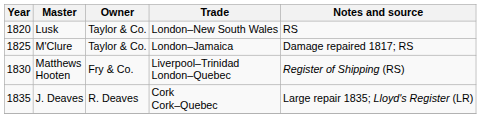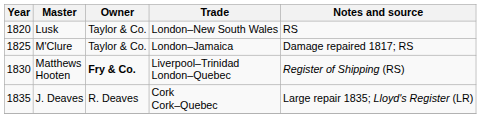 <table class="sortable wikitable">
 <tr>
 <th>Year</th>
 <th>Master</th>
 <th>Owner</th>
 <th>Trade</th>
 <th>Notes and source</th>
 </tr>
 <tr>
 <td>1820</td>
 <td>Lusk</td>
 <td>Taylor & Co.</td>
 <td>London–New South Wales</td>
 <td>RS</td>
 </tr>
 <tr>
 <td>1825</td>
 <td>M'Clure</td>
 <td>Taylor & Co.</td>
 <td>London–Jamaica</td>
 <td>Damage repaired 1817; RS</td>
 </tr>
 <tr>
 <td>1830</td>
 <td>Matthews<br>Hooten</td>
-<td>Fry & Co.</td>
+<td><strong>Fry & Co.</strong></td>
 <td>Liverpool–Trinidad<br>London–Quebec</td>
 <td><em>Register of Shipping</em> (RS)</td>
 </tr>
 <tr>
 <td>1835</td>
 <td>J. Deaves</td>
 <td>R. Deaves</td>
 <td>Cork<br>Cork–Quebec</td>
 <td>Large repair 1835; <em>Lloyd's Register</em> (LR)</td>
 </tr>
 <tr>
 </tr>
 </table>
